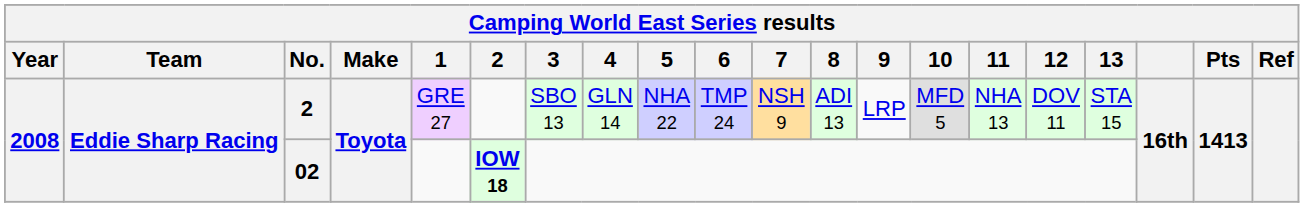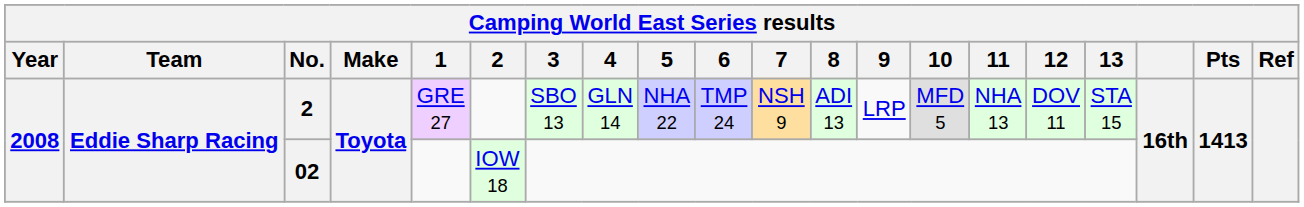 <table class="wikitable" style="text-align:center; font-size:75%">
 <tr>
 <th colspan=45><a href='#'>Camping World East Series</a> results</th>
 </tr>
 <tr>
 <th>Year</th>
 <th>Team</th>
 <th>No.</th>
 <th>Make</th>
 <th>1</th>
 <th>2</th>
 <th>3</th>
 <th>4</th>
 <th>5</th>
 <th>6</th>
 <th>7</th>
 <th>8</th>
 <th>9</th>
 <th>10</th>
 <th>11</th>
 <th>12</th>
 <th>13</th>
 <th></th>
 <th>Pts</th>
 <th>Ref</th>
 </tr>
 <tr>
 <th rowspan=2><a href='#'>2008</a></th>
 <th rowspan=2><a href='#'>Eddie Sharp Racing</a></th>
 <th>2</th>
 <th rowspan=2><a href='#'>Toyota</a></th>
 <td style="background:#EFCFFF;"><a href='#'>GRE</a><br><small>27</small></td>
 <td></td>
 <td style="background:#DFFFDF;"><a href='#'>SBO</a><br><small>13</small></td>
 <td style="background:#DFFFDF;"><a href='#'>GLN</a><br><small>14</small></td>
 <td style="background:#CFCFFF;"><a href='#'>NHA</a><br><small>22</small></td>
 <td style="background:#CFCFFF;"><a href='#'>TMP</a><br><small>24</small></td>
 <td style="background:#FFDF9F;"><a href='#'>NSH</a><br><small>9</small></td>
 <td style="background:#DFFFDF;"><a href='#'>ADI</a><br><small>13</small></td>
 <td><a href='#'>LRP</a></td>
 <td style="background:#DFDFDF;"><a href='#'>MFD</a><br><small>5</small></td>
 <td style="background:#DFFFDF;"><a href='#'>NHA</a><br><small>13</small></td>
 <td style="background:#DFFFDF;"><a href='#'>DOV</a><br><small>11</small></td>
 <td style="background:#DFFFDF;"><a href='#'>STA</a><br><small>15</small></td>
 <th rowspan=2>16th</th>
 <th rowspan=2>1413</th>
 <th rowspan=2></th>
 </tr>
 <tr>
 <th>02</th>
 <td></td>
-<td style="background:#DFFFDF;"><strong><a href='#'>IOW</a><br><small>18</small></strong></td>
+<td style="background:#DFFFDF;"><a href='#'>IOW</a><br><small>18</small></td>
 <td colspan=11></td>
 </tr>
 </table>
